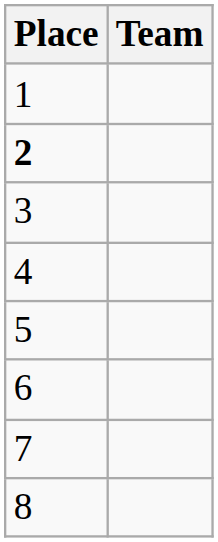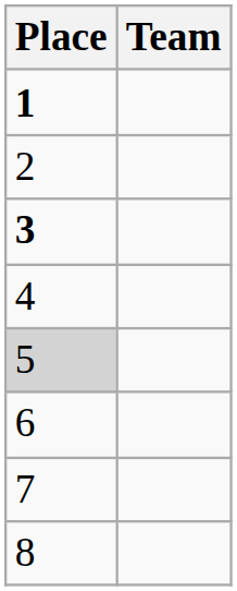 <table class="wikitable">
 <tr>
 <th>Place</th>
 <th>Team</th>
 </tr>
 <tr>
-<td>1</td>
+<td><strong>1</strong></td>
 <td align="left"></td>
 </tr>
 <tr>
-<td><strong>2</strong></td>
+<td>2</td>
 <td align="left"></td>
 </tr>
 <tr>
-<td>3</td>
+<td><strong>3</strong></td>
 <td align="left"></td>
 </tr>
 <tr>
 <td>4</td>
 <td align="left"></td>
 </tr>
 <tr>
-<td>5</td>
+<td style="background: lightgrey;">5</td>
 <td align="left"></td>
 </tr>
 <tr>
 <td>6</td>
 <td align="left"></td>
 </tr>
 <tr>
 <td>7</td>
 <td align="left"></td>
 </tr>
 <tr>
 <td>8</td>
 <td align="left"></td>
 </tr>
 </table>
